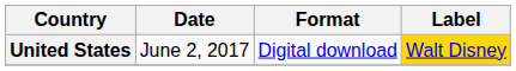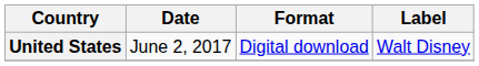 <table class="wikitable plainrowheaders">
 <tr>
 <th scope="col">Country</th>
 <th scope="col">Date</th>
 <th scope="col">Format</th>
 <th scope="col">Label</th>
 </tr>
 <tr>
 <th scope="row">United States</th>
 <td>June 2, 2017</td>
 <td><a href='#'>Digital download</a></td>
-<td style="background: gold;"><a href='#'>Walt Disney</a></td>
+<td><a href='#'>Walt Disney</a></td>
 </tr>
 <tr>
 </tr>
 </table>
